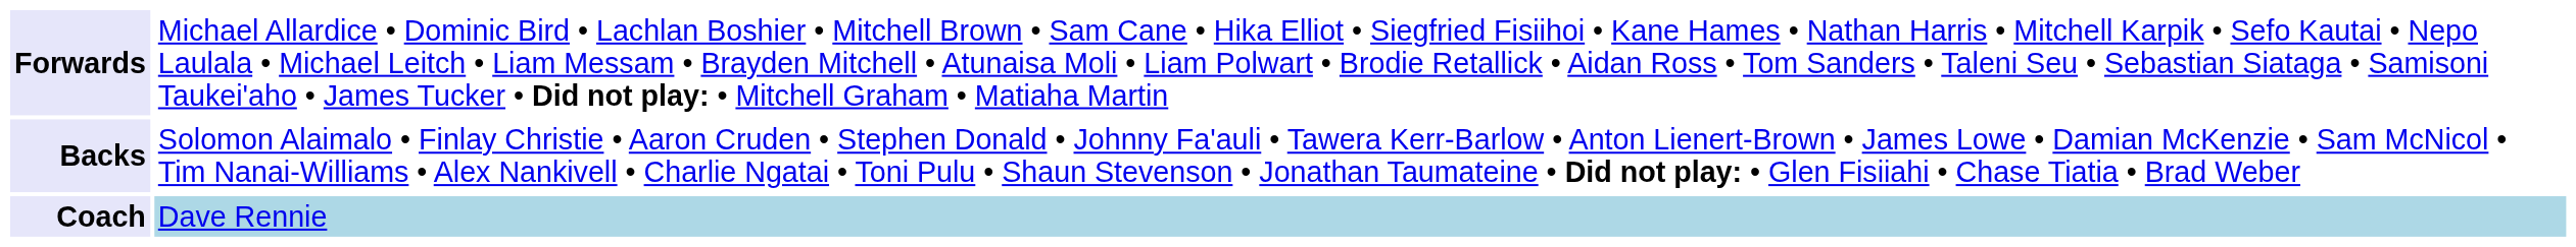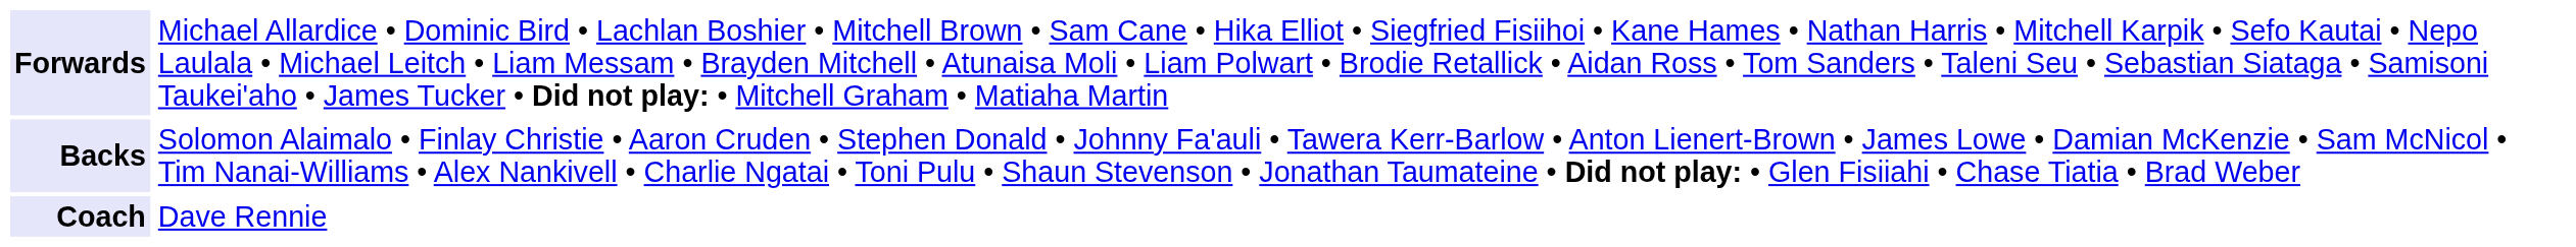 <table cellpadding="2" style="border: 1px solid white; font-size:90%;">
 <tr>
 <td style="text-align:right;" bgcolor="lavender"><strong>Forwards</strong></td>
 <td style="text-align:left;"><a href='#'>Michael Allardice</a> • <a href='#'>Dominic Bird</a> • <a href='#'>Lachlan Boshier</a> • <a href='#'>Mitchell Brown</a> • <a href='#'>Sam Cane</a> • <a href='#'>Hika Elliot</a> • <a href='#'>Siegfried Fisiihoi</a> • <a href='#'>Kane Hames</a> • <a href='#'>Nathan Harris</a> • <a href='#'>Mitchell Karpik</a> • <a href='#'>Sefo Kautai</a> • <a href='#'>Nepo Laulala</a> • <a href='#'>Michael Leitch</a> • <a href='#'>Liam Messam</a> • <a href='#'>Brayden Mitchell</a> • <a href='#'>Atunaisa Moli</a> • <a href='#'>Liam Polwart</a> • <a href='#'>Brodie Retallick</a> • <a href='#'>Aidan Ross</a> • <a href='#'>Tom Sanders</a> • <a href='#'>Taleni Seu</a> • <a href='#'>Sebastian Siataga</a> • <a href='#'>Samisoni Taukei'aho</a> • <a href='#'>James Tucker</a> • <strong>Did not play:</strong> • <a href='#'>Mitchell Graham</a> • <a href='#'>Matiaha Martin</a></td>
 </tr>
 <tr>
 <td style="text-align:right;" bgcolor="lavender"><strong>Backs</strong></td>
 <td style="text-align:left;"><a href='#'>Solomon Alaimalo</a> • <a href='#'>Finlay Christie</a> • <a href='#'>Aaron Cruden</a> • <a href='#'>Stephen Donald</a> • <a href='#'>Johnny Fa'auli</a> • <a href='#'>Tawera Kerr-Barlow</a> • <a href='#'>Anton Lienert-Brown</a> • <a href='#'>James Lowe</a> • <a href='#'>Damian McKenzie</a> • <a href='#'>Sam McNicol</a> • <a href='#'>Tim Nanai-Williams</a> • <a href='#'>Alex Nankivell</a> • <a href='#'>Charlie Ngatai</a> • <a href='#'>Toni Pulu</a> • <a href='#'>Shaun Stevenson</a> • <a href='#'>Jonathan Taumateine</a> • <strong>Did not play:</strong> • <a href='#'>Glen Fisiiahi</a> • <a href='#'>Chase Tiatia</a> • <a href='#'>Brad Weber</a></td>
 </tr>
 <tr>
 <td style="text-align:right;" bgcolor="lavender"><strong>Coach</strong></td>
-<td style="background: lightblue; text-align:left;"><a href='#'>Dave Rennie</a></td>
+<td style="text-align:left;"><a href='#'>Dave Rennie</a></td>
 </tr>
 </table>
